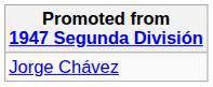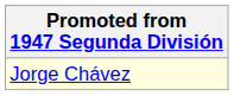 <table class="wikitable">
 <tr>
 <th>Promoted from<br><a href='#'>1947 Segunda División</a></th>
 </tr>
 <tr>
-<td> <a href='#'>Jorge Chávez</a> </td>
+<td style="background: lightyellow;"> <a href='#'>Jorge Chávez</a> </td>
 </tr>
 </table>
